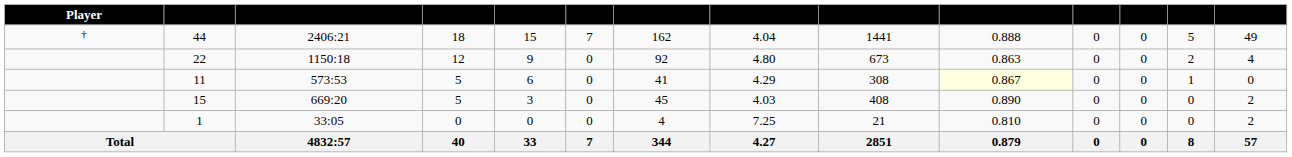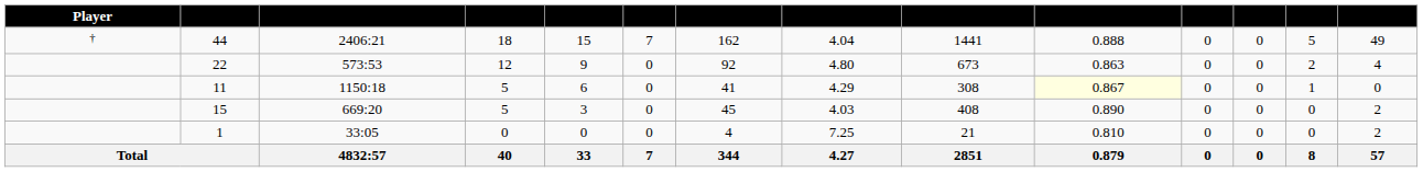 <table class="wikitable sortable" style="width:100%; text-align:center;">
 <tr>
 <th style="color:white; background:#000000; ">Player</th>
 <th style="color:white; background:#000000; "></th>
 <th style="color:white; background:#000000; "></th>
 <th style="color:white; background:#000000; "></th>
 <th style="color:white; background:#000000; "></th>
 <th style="color:white; background:#000000; "></th>
 <th style="color:white; background:#000000; "></th>
 <th style="color:white; background:#000000; "></th>
 <th style="color:white; background:#000000; "></th>
 <th style="color:white; background:#000000; "></th>
 <th style="color:white; background:#000000; "></th>
 <th style="color:white; background:#000000; "></th>
 <th style="color:white; background:#000000; "></th>
 <th style="color:white; background:#000000; "></th>
 </tr>
 <tr>
 <td><sup>†</sup></td>
 <td>44</td>
 <td>2406:21</td>
 <td>18</td>
 <td>15</td>
 <td>7</td>
 <td>162</td>
 <td>4.04</td>
 <td>1441</td>
 <td>0.888</td>
 <td>0</td>
 <td>0</td>
 <td>5</td>
 <td>49</td>
 </tr>
 <tr>
 <td></td>
 <td>22</td>
-<td>1150:18</td>
+<td>573:53</td>
 <td>12</td>
 <td>9</td>
 <td>0</td>
 <td>92</td>
 <td>4.80</td>
 <td>673</td>
 <td>0.863</td>
 <td>0</td>
 <td>0</td>
 <td>2</td>
 <td>4</td>
 </tr>
 <tr>
 <td></td>
 <td>11</td>
-<td>573:53</td>
+<td>1150:18</td>
 <td>5</td>
 <td>6</td>
 <td>0</td>
 <td>41</td>
 <td>4.29</td>
 <td>308</td>
 <td style="background: lightyellow;">0.867</td>
 <td>0</td>
 <td>0</td>
 <td>1</td>
 <td>0</td>
 </tr>
 <tr>
 <td></td>
 <td>15</td>
 <td>669:20</td>
 <td>5</td>
 <td>3</td>
 <td>0</td>
 <td>45</td>
 <td>4.03</td>
 <td>408</td>
 <td>0.890</td>
 <td>0</td>
 <td>0</td>
 <td>0</td>
 <td>2</td>
 </tr>
 <tr>
 <td></td>
 <td>1</td>
 <td>33:05</td>
 <td>0</td>
 <td>0</td>
 <td>0</td>
 <td>4</td>
 <td>7.25</td>
 <td>21</td>
 <td>0.810</td>
 <td>0</td>
 <td>0</td>
 <td>0</td>
 <td>2</td>
 </tr>
 <tr class="sortbottom">
 <th colspan=2>Total</th>
 <th>4832:57</th>
 <th>40</th>
 <th>33</th>
 <th>7</th>
 <th>344</th>
 <th>4.27</th>
 <th>2851</th>
 <th>0.879</th>
 <th>0</th>
 <th>0</th>
 <th>8</th>
 <th>57</th>
 </tr>
 </table>
